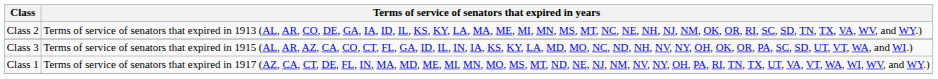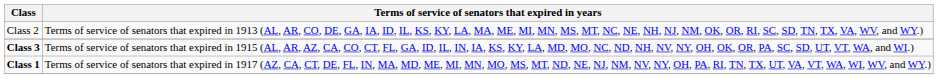 <table class="wikitable sortable">
 <tr valign=bottom>
 <th>Class</th>
 <th>Terms of service of senators that expired in years</th>
 </tr>
 <tr>
 <td>Class 2</td>
 <td>Terms of service of senators that expired in 1913 (<a href='#'>AL</a>, <a href='#'>AR</a>, <a href='#'>CO</a>, <a href='#'>DE</a>, <a href='#'>GA</a>, <a href='#'>IA</a>, <a href='#'>ID</a>, <a href='#'>IL</a>, <a href='#'>KS</a>, <a href='#'>KY</a>, <a href='#'>LA</a>, <a href='#'>MA</a>, <a href='#'>ME</a>, <a href='#'>MI</a>, <a href='#'>MN</a>, <a href='#'>MS</a>, <a href='#'>MT</a>, <a href='#'>NC</a>, <a href='#'>NE</a>, <a href='#'>NH</a>, <a href='#'>NJ</a>, <a href='#'>NM</a>, <a href='#'>OK</a>, <a href='#'>OR</a>, <a href='#'>RI</a>, <a href='#'>SC</a>, <a href='#'>SD</a>, <a href='#'>TN</a>, <a href='#'>TX</a>, <a href='#'>VA</a>, <a href='#'>WV</a>, and <a href='#'>WY</a>.)</td>
 </tr>
 <tr>
 </tr>
 <tr>
-<td>Class 3</td>
+<td><strong>Class 3</strong></td>
 <td>Terms of service of senators that expired in 1915 (<a href='#'>AL</a>, <a href='#'>AR</a>, <a href='#'>AZ</a>, <a href='#'>CA</a>, <a href='#'>CO</a>, <a href='#'>CT</a>, <a href='#'>FL</a>, <a href='#'>GA</a>, <a href='#'>ID</a>, <a href='#'>IL</a>, <a href='#'>IN</a>, <a href='#'>IA</a>, <a href='#'>KS</a>, <a href='#'>KY</a>, <a href='#'>LA</a>, <a href='#'>MD</a>, <a href='#'>MO</a>, <a href='#'>NC</a>, <a href='#'>ND</a>, <a href='#'>NH</a>, <a href='#'>NV</a>, <a href='#'>NY</a>, <a href='#'>OH</a>, <a href='#'>OK</a>, <a href='#'>OR</a>, <a href='#'>PA</a>, <a href='#'>SC</a>, <a href='#'>SD</a>, <a href='#'>UT</a>, <a href='#'>VT</a>, <a href='#'>WA</a>, and <a href='#'>WI</a>.)</td>
 </tr>
 <tr>
-<td>Class 1</td>
+<td><strong>Class 1</strong></td>
 <td>Terms of service of senators that expired in 1917 (<a href='#'>AZ</a>, <a href='#'>CA</a>, <a href='#'>CT</a>, <a href='#'>DE</a>, <a href='#'>FL</a>, <a href='#'>IN</a>, <a href='#'>MA</a>, <a href='#'>MD</a>, <a href='#'>ME</a>, <a href='#'>MI</a>, <a href='#'>MN</a>, <a href='#'>MO</a>, <a href='#'>MS</a>, <a href='#'>MT</a>, <a href='#'>ND</a>, <a href='#'>NE</a>, <a href='#'>NJ</a>, <a href='#'>NM</a>, <a href='#'>NV</a>, <a href='#'>NY</a>, <a href='#'>OH</a>, <a href='#'>PA</a>, <a href='#'>RI</a>, <a href='#'>TN</a>, <a href='#'>TX</a>, <a href='#'>UT</a>, <a href='#'>VA</a>, <a href='#'>VT</a>, <a href='#'>WA</a>, <a href='#'>WI</a>, <a href='#'>WV</a>, and <a href='#'>WY</a>.)</td>
 </tr>
 <tr>
 </tr>
 </table>
